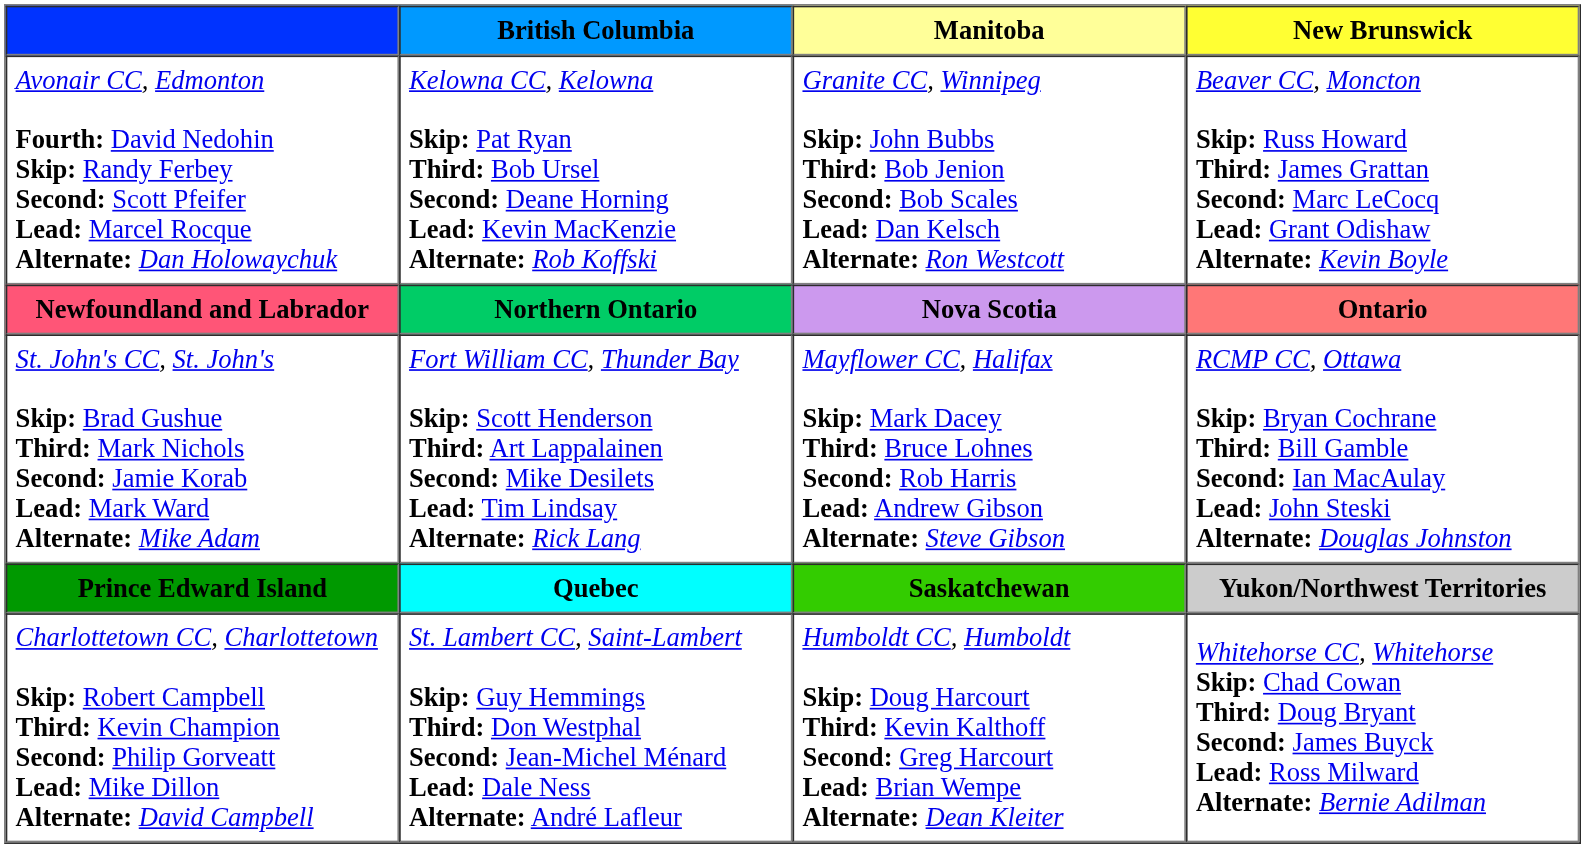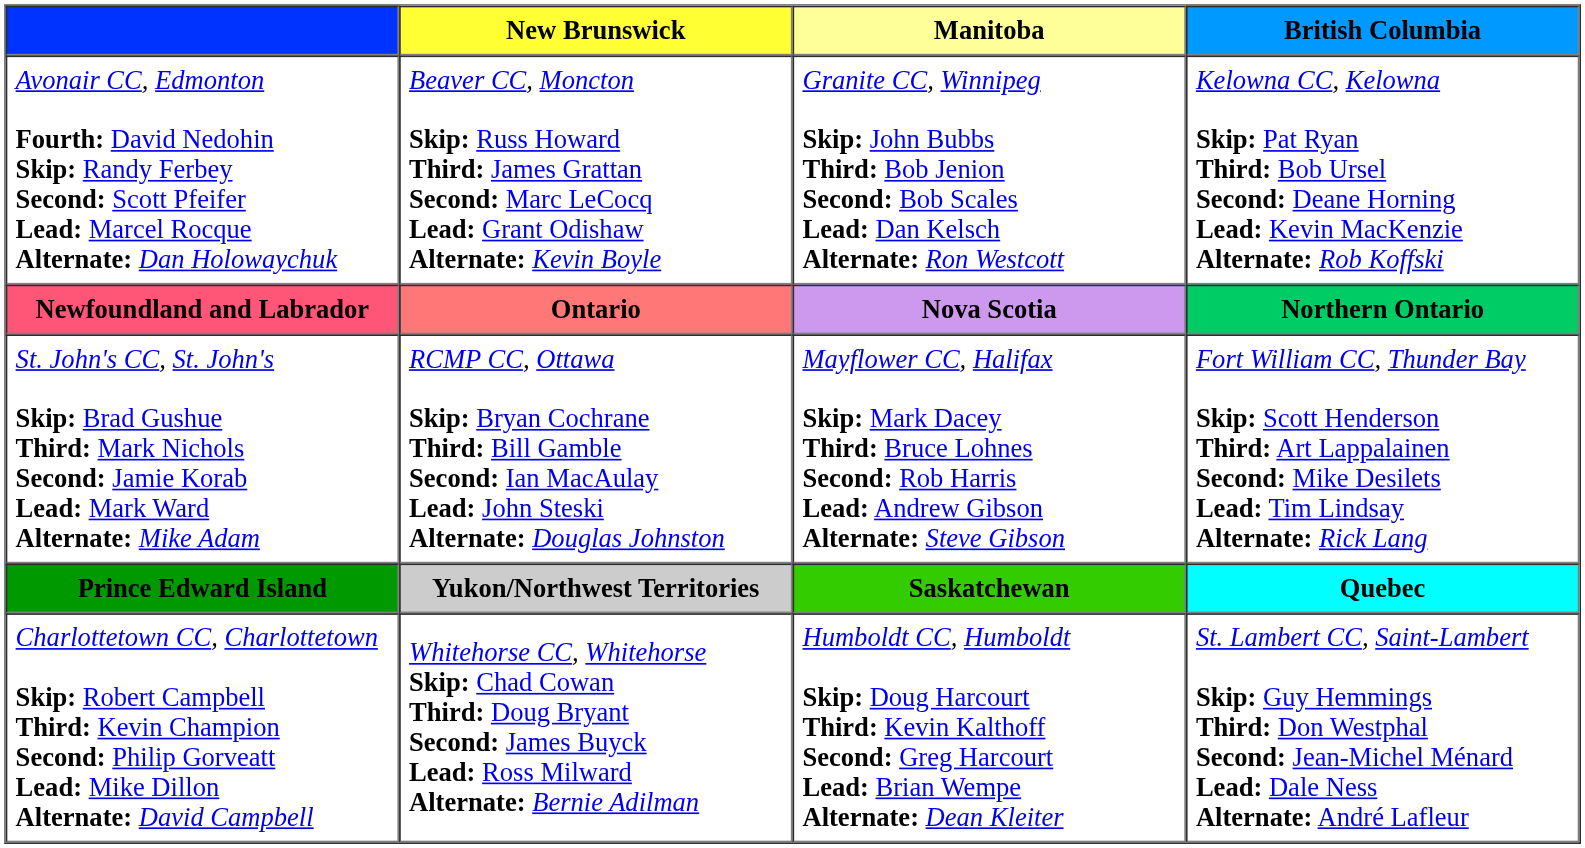 <table border=1 cellpadding=5 cellspacing=0>
 <tr>
 <th bgcolor="#0033ff" width="225"></th>
+<th bgcolor="#ffff33" width="225">New Brunswick</th>
+<th bgcolor="#ffff99" width="225">Manitoba</th>
 <th bgcolor="#0099ff" width="225">British Columbia</th>
-<th bgcolor="#ffff99" width="225">Manitoba</th>
-<th bgcolor="#ffff33" width="225">New Brunswick</th>
 </tr>
 <tr align=center>
 <td align=left><em><a href='#'>Avonair CC</a>, <a href='#'>Edmonton</a></em> <br><br><strong>Fourth:</strong> <a href='#'>David Nedohin</a> <br> <strong>Skip:</strong> <a href='#'>Randy Ferbey</a> <br> <strong>Second:</strong> <a href='#'>Scott Pfeifer</a> <br> <strong>Lead:</strong> <a href='#'>Marcel Rocque</a> <br> <strong>Alternate:</strong> <em><a href='#'>Dan Holowaychuk</a></em></td>
+<td align=left><em><a href='#'>Beaver CC</a>, <a href='#'>Moncton</a></em> <br><br><strong>Skip:</strong> <a href='#'>Russ Howard</a> <br> <strong>Third:</strong> <a href='#'>James Grattan</a> <br> <strong>Second:</strong> <a href='#'>Marc LeCocq</a> <br> <strong>Lead:</strong> <a href='#'>Grant Odishaw</a> <br> <strong>Alternate:</strong> <em><a href='#'>Kevin Boyle</a></em></td>
+<td align=left><em><a href='#'>Granite CC</a>, <a href='#'>Winnipeg</a></em> <br><br><strong>Skip:</strong> <a href='#'>John Bubbs</a> <br> <strong>Third:</strong> <a href='#'>Bob Jenion</a> <br> <strong>Second:</strong> <a href='#'>Bob Scales</a> <br> <strong>Lead:</strong> <a href='#'>Dan Kelsch</a> <br> <strong>Alternate:</strong> <em><a href='#'>Ron Westcott</a></em></td>
 <td align=left><em><a href='#'>Kelowna CC</a>, <a href='#'>Kelowna</a></em> <br><br><strong>Skip:</strong> <a href='#'>Pat Ryan</a> <br> <strong>Third:</strong> <a href='#'>Bob Ursel</a> <br> <strong>Second:</strong> <a href='#'>Deane Horning</a> <br> <strong>Lead:</strong> <a href='#'>Kevin MacKenzie</a> <br> <strong>Alternate:</strong> <em><a href='#'>Rob Koffski</a></em></td>
-<td align=left><em><a href='#'>Granite CC</a>, <a href='#'>Winnipeg</a></em> <br><br><strong>Skip:</strong> <a href='#'>John Bubbs</a> <br> <strong>Third:</strong> <a href='#'>Bob Jenion</a> <br> <strong>Second:</strong> <a href='#'>Bob Scales</a> <br> <strong>Lead:</strong> <a href='#'>Dan Kelsch</a> <br> <strong>Alternate:</strong> <em><a href='#'>Ron Westcott</a></em></td>
-<td align=left><em><a href='#'>Beaver CC</a>, <a href='#'>Moncton</a></em> <br><br><strong>Skip:</strong> <a href='#'>Russ Howard</a> <br> <strong>Third:</strong> <a href='#'>James Grattan</a> <br> <strong>Second:</strong> <a href='#'>Marc LeCocq</a> <br> <strong>Lead:</strong> <a href='#'>Grant Odishaw</a> <br> <strong>Alternate:</strong> <em><a href='#'>Kevin Boyle</a></em></td>
 </tr>
 <tr border=1 cellpadding=5 cellspacing=0>
 <th bgcolor="#ff5577" width="200">Newfoundland and Labrador</th>
+<th bgcolor="#ff7777" width="200">Ontario</th>
+<th bgcolor="#cc99ee" width="200">Nova Scotia</th>
 <th bgcolor="#00CC66" width="200">Northern Ontario</th>
-<th bgcolor="#cc99ee" width="200">Nova Scotia</th>
-<th bgcolor="#ff7777" width="200">Ontario</th>
 </tr>
 <tr align=center>
 <td align=left><em><a href='#'>St. John's CC</a>, <a href='#'>St. John's</a></em> <br><br><strong>Skip:</strong> <a href='#'>Brad Gushue</a> <br> <strong>Third:</strong> <a href='#'>Mark Nichols</a> <br> <strong>Second:</strong> <a href='#'>Jamie Korab</a> <br> <strong>Lead:</strong> <a href='#'>Mark Ward</a> <br> <strong>Alternate:</strong> <em><a href='#'>Mike Adam</a></em></td>
+<td align=left><em><a href='#'>RCMP CC</a>, <a href='#'>Ottawa</a></em> <br><br><strong>Skip:</strong> <a href='#'>Bryan Cochrane</a> <br> <strong>Third:</strong> <a href='#'>Bill Gamble</a> <br> <strong>Second:</strong> <a href='#'>Ian MacAulay</a> <br> <strong>Lead:</strong> <a href='#'>John Steski</a> <br> <strong>Alternate:</strong> <em><a href='#'>Douglas Johnston</a></em></td>
+<td align=left><em><a href='#'>Mayflower CC</a>, <a href='#'>Halifax</a></em> <br><br><strong>Skip:</strong> <a href='#'>Mark Dacey</a> <br> <strong>Third:</strong> <a href='#'>Bruce Lohnes</a> <br> <strong>Second:</strong> <a href='#'>Rob Harris</a> <br> <strong>Lead:</strong> <a href='#'>Andrew Gibson</a> <br> <strong>Alternate:</strong> <em><a href='#'>Steve Gibson</a></em></td>
 <td align=left><em><a href='#'>Fort William CC</a>, <a href='#'>Thunder Bay</a></em> <br><br><strong>Skip:</strong> <a href='#'>Scott Henderson</a> <br> <strong>Third:</strong> <a href='#'>Art Lappalainen</a> <br> <strong>Second:</strong> <a href='#'>Mike Desilets</a> <br> <strong>Lead:</strong> <a href='#'>Tim Lindsay</a> <br> <strong>Alternate:</strong> <em><a href='#'>Rick Lang</a></em></td>
-<td align=left><em><a href='#'>Mayflower CC</a>, <a href='#'>Halifax</a></em> <br><br><strong>Skip:</strong> <a href='#'>Mark Dacey</a> <br> <strong>Third:</strong> <a href='#'>Bruce Lohnes</a> <br> <strong>Second:</strong> <a href='#'>Rob Harris</a> <br> <strong>Lead:</strong> <a href='#'>Andrew Gibson</a> <br> <strong>Alternate:</strong> <em><a href='#'>Steve Gibson</a></em></td>
-<td align=left><em><a href='#'>RCMP CC</a>, <a href='#'>Ottawa</a></em> <br><br><strong>Skip:</strong> <a href='#'>Bryan Cochrane</a> <br> <strong>Third:</strong> <a href='#'>Bill Gamble</a> <br> <strong>Second:</strong> <a href='#'>Ian MacAulay</a> <br> <strong>Lead:</strong> <a href='#'>John Steski</a> <br> <strong>Alternate:</strong> <em><a href='#'>Douglas Johnston</a></em></td>
 </tr>
 <tr border=1 cellpadding=5 cellspacing=0>
 <th bgcolor="#009900" width="200">Prince Edward Island</th>
+<th bgcolor="#cccccc" width="200">Yukon/Northwest Territories</th>
+<th bgcolor="#33cc00" width="200">Saskatchewan</th>
 <th bgcolor="#00ffff" width="200">Quebec</th>
-<th bgcolor="#33cc00" width="200">Saskatchewan</th>
-<th bgcolor="#cccccc" width="200">Yukon/Northwest Territories</th>
 </tr>
 <tr align=center>
 <td align=left><em><a href='#'>Charlottetown CC</a>, <a href='#'>Charlottetown</a></em> <br><br><strong>Skip:</strong> <a href='#'>Robert Campbell</a> <br> <strong>Third:</strong> <a href='#'>Kevin Champion</a> <br> <strong>Second:</strong> <a href='#'>Philip Gorveatt</a> <br> <strong>Lead:</strong> <a href='#'>Mike Dillon</a> <br> <strong>Alternate:</strong> <em><a href='#'>David Campbell</a></em></td>
+<td align=left><em><a href='#'>Whitehorse CC</a>, <a href='#'>Whitehorse</a></em><br><strong>Skip:</strong> <a href='#'>Chad Cowan</a> <br> <strong>Third:</strong> <a href='#'>Doug Bryant</a> <br> <strong>Second:</strong> <a href='#'>James Buyck</a> <br> <strong>Lead:</strong> <a href='#'>Ross Milward</a> <br> <strong>Alternate:</strong> <em><a href='#'>Bernie Adilman</a></em></td>
+<td align=left><em><a href='#'>Humboldt CC</a>, <a href='#'>Humboldt</a></em> <br><br><strong>Skip:</strong> <a href='#'>Doug Harcourt</a> <br> <strong>Third:</strong> <a href='#'>Kevin Kalthoff</a> <br> <strong>Second:</strong> <a href='#'>Greg Harcourt</a> <br> <strong>Lead:</strong> <a href='#'>Brian Wempe</a> <br> <strong>Alternate:</strong> <em><a href='#'>Dean Kleiter</a></em></td>
 <td align=left><em><a href='#'>St. Lambert CC</a>, <a href='#'>Saint-Lambert</a></em> <br><br><strong>Skip:</strong> <a href='#'>Guy Hemmings</a> <br> <strong>Third:</strong> <a href='#'>Don Westphal</a> <br> <strong>Second:</strong> <a href='#'>Jean-Michel Ménard</a> <br> <strong>Lead:</strong> <a href='#'>Dale Ness</a> <br> <strong>Alternate:</strong> <a href='#'>André Lafleur</a></td>
-<td align=left><em><a href='#'>Humboldt CC</a>, <a href='#'>Humboldt</a></em> <br><br><strong>Skip:</strong> <a href='#'>Doug Harcourt</a> <br> <strong>Third:</strong> <a href='#'>Kevin Kalthoff</a> <br> <strong>Second:</strong> <a href='#'>Greg Harcourt</a> <br> <strong>Lead:</strong> <a href='#'>Brian Wempe</a> <br> <strong>Alternate:</strong> <em><a href='#'>Dean Kleiter</a></em></td>
-<td align=left><em><a href='#'>Whitehorse CC</a>, <a href='#'>Whitehorse</a></em><br><strong>Skip:</strong> <a href='#'>Chad Cowan</a> <br> <strong>Third:</strong> <a href='#'>Doug Bryant</a> <br> <strong>Second:</strong> <a href='#'>James Buyck</a> <br> <strong>Lead:</strong> <a href='#'>Ross Milward</a> <br> <strong>Alternate:</strong> <em><a href='#'>Bernie Adilman</a></em></td>
 </tr>
 </table>
